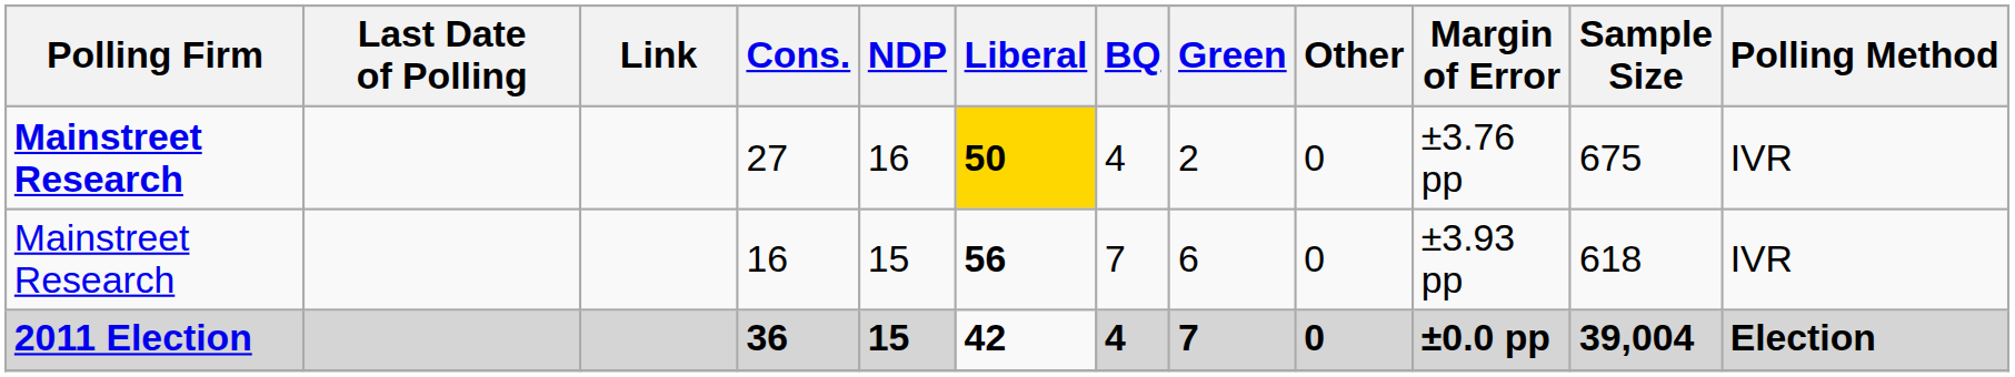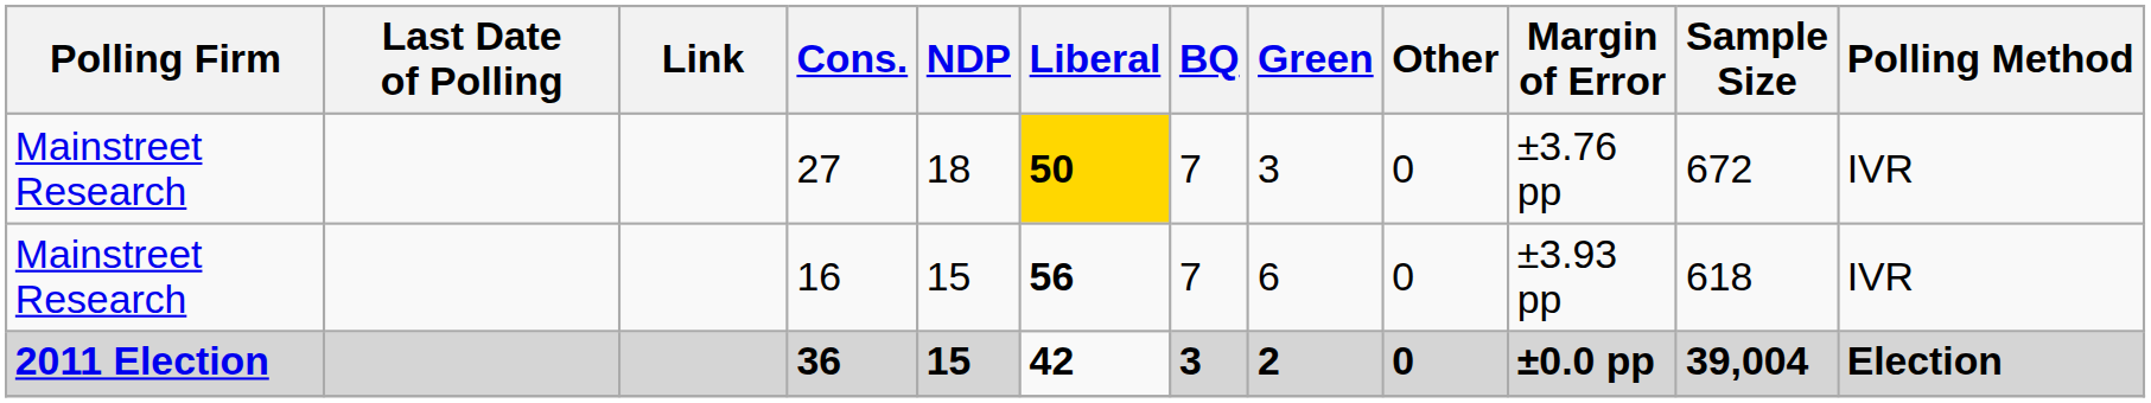 <table class="wikitable sortable">
 <tr style="background:#e9e9e9;">
 <th style="width:120px">Polling Firm</th>
 <th style="width:110px">Last Date<br>of Polling</th>
 <th style="width:60px" class="unsortable">Link</th>
 <th style="background-color:"><strong><a href='#'>Cons.</a></strong></th>
 <th style="background-color:"><strong><a href='#'>NDP</a></strong></th>
 <th style="background-color:"><strong><a href='#'>Liberal</a></strong></th>
 <th style="background-color:"><strong><a href='#'>BQ</a></strong></th>
 <th style="background-color:"><strong><a href='#'>Green</a></strong></th>
 <th style="background-color:"><strong>Other</strong></th>
 <th style="width:60px;" class=unsortable>Margin<br>of Error</th>
 <th style="width:50px;" class=unsortable>Sample<br>Size</th>
 <th class=unsortable>Polling Method</th>
 </tr>
 <tr>
-<td><strong><a href='#'>Mainstreet Research</a></strong></td>
+<td><a href='#'>Mainstreet Research</a></td>
 <td></td>
 <td></td>
 <td>27</td>
-<td>16</td>
+<td>18</td>
 <td style="background: gold;"><strong>50</strong></td>
-<td>4</td>
-<td>2</td>
+<td>7</td>
+<td>3</td>
 <td>0</td>
 <td>±3.76 pp</td>
-<td>675</td>
+<td>672</td>
 <td>IVR</td>
 </tr>
 <tr>
 <td><a href='#'>Mainstreet Research</a></td>
 <td></td>
 <td></td>
 <td>16</td>
 <td>15</td>
 <td><strong>56</strong></td>
 <td>7</td>
 <td>6</td>
 <td>0</td>
 <td>±3.93 pp</td>
 <td>618</td>
 <td>IVR</td>
 </tr>
 <tr>
 <td style="background:#D5D5D5"><strong><a href='#'>2011 Election</a></strong></td>
 <td style="background:#D5D5D5"><strong></strong></td>
 <td style="background:#D5D5D5"></td>
 <td style="background:#D5D5D5"><strong>36</strong></td>
 <td style="background:#D5D5D5"><strong>15</strong></td>
 <td><strong>42</strong></td>
-<td style="background:#D5D5D5"><strong>4</strong></td>
-<td style="background:#D5D5D5"><strong>7</strong></td>
+<td style="background:#D5D5D5"><strong>3</strong></td>
+<td style="background:#D5D5D5"><strong>2</strong></td>
 <td style="background:#D5D5D5"><strong>0</strong></td>
 <td style="background:#D5D5D5"><strong>±0.0 pp</strong></td>
 <td style="background:#D5D5D5"><strong>39,004</strong></td>
 <td style="background:#D5D5D5"><strong>Election</strong></td>
 </tr>
 <tr>
 </tr>
 <tr>
 </tr>
 </table>
